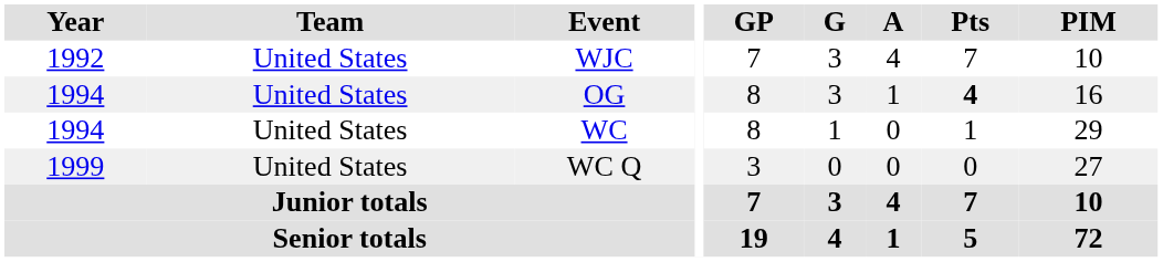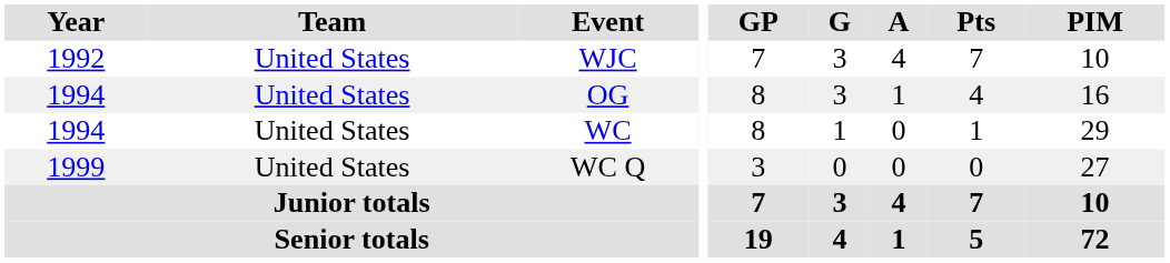 <table border="0" cellpadding="1" cellspacing="0" ID="Table3" style="text-align:center; width:40em">
 <tr bgcolor="#e0e0e0">
 <th>Year</th>
 <th>Team</th>
 <th>Event</th>
 <th rowspan="102" bgcolor="#ffffff"></th>
 <th>GP</th>
 <th>G</th>
 <th>A</th>
 <th>Pts</th>
 <th>PIM</th>
 </tr>
 <tr>
 <td><a href='#'>1992</a></td>
 <td><a href='#'>United States</a></td>
 <td><a href='#'>WJC</a></td>
 <td>7</td>
 <td>3</td>
 <td>4</td>
 <td>7</td>
 <td>10</td>
 </tr>
 <tr bgcolor="#f0f0f0">
 <td><a href='#'>1994</a></td>
 <td><a href='#'>United States</a></td>
 <td><a href='#'>OG</a></td>
 <td>8</td>
 <td>3</td>
 <td>1</td>
-<td><strong>4</strong></td>
+<td>4</td>
 <td>16</td>
 </tr>
 <tr>
 <td><a href='#'>1994</a></td>
 <td>United States</td>
 <td><a href='#'>WC</a></td>
 <td>8</td>
 <td>1</td>
 <td>0</td>
 <td>1</td>
 <td>29</td>
 </tr>
 <tr bgcolor="#f0f0f0">
 <td><a href='#'>1999</a></td>
 <td>United States</td>
 <td>WC Q</td>
 <td>3</td>
 <td>0</td>
 <td>0</td>
 <td>0</td>
 <td>27</td>
 </tr>
 <tr bgcolor="#e0e0e0">
 <th colspan=3>Junior totals</th>
 <th>7</th>
 <th>3</th>
 <th>4</th>
 <th>7</th>
 <th>10</th>
 </tr>
 <tr bgcolor="#e0e0e0">
 <th colspan=3>Senior totals</th>
 <th>19</th>
 <th>4</th>
 <th>1</th>
 <th>5</th>
 <th>72</th>
 </tr>
 </table>
